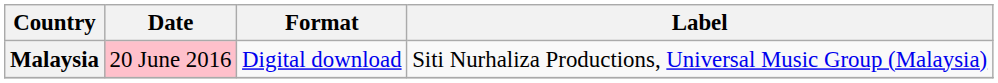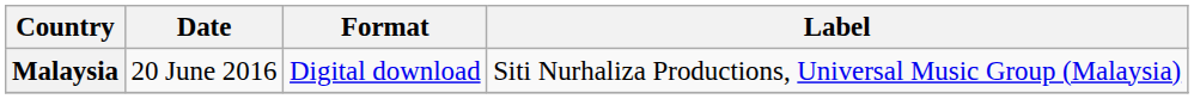 <table class="wikitable plainrowheaders" border="1">
 <tr>
 <th>Country</th>
 <th>Date</th>
 <th>Format</th>
 <th>Label</th>
 </tr>
 <tr>
 <th rowspan="1">Malaysia</th>
-<td rowspan="1" style="background: pink;">20 June 2016</td>
+<td rowspan="1">20 June 2016</td>
 <td rowspan="1"><a href='#'>Digital download</a></td>
 <td rowspan="1">Siti Nurhaliza Productions, <a href='#'>Universal Music Group (Malaysia)</a></td>
 </tr>
 <tr>
 </tr>
 </table>
